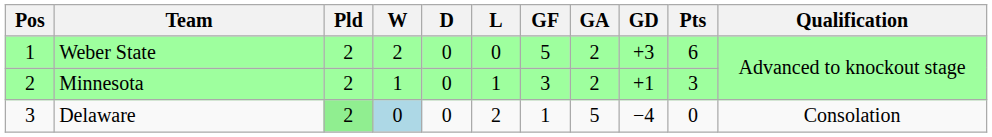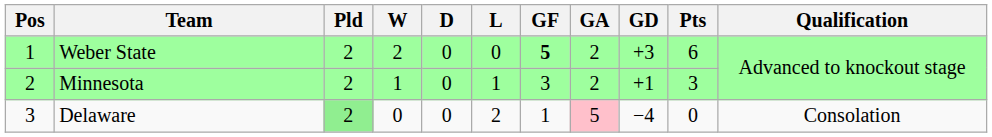 <table class="wikitable" style="text-align:center; margin: 1em auto">
 <tr>
 <th style="width:2em">Pos</th>
 <th style="width:13em">Team</th>
 <th style="width:2em">Pld</th>
 <th style="width:2em">W</th>
 <th style="width:2em">D</th>
 <th style="width:2em">L</th>
 <th style="width:2em">GF</th>
 <th style="width:2em">GA</th>
 <th style="width:2em">GD</th>
 <th style="width:2em">Pts</th>
 <th style="width:13em">Qualification</th>
 </tr>
 <tr bgcolor="#9eff9e">
 <td>1</td>
 <td style="text-align:left">Weber State</td>
 <td>2</td>
 <td>2</td>
 <td>0</td>
 <td>0</td>
-<td>5</td>
+<td><strong>5</strong></td>
 <td>2</td>
 <td>+3</td>
 <td>6</td>
 <td rowspan="2">Advanced to knockout stage</td>
 </tr>
 <tr bgcolor="#9eff9e">
 <td>2</td>
 <td style="text-align:left">Minnesota</td>
 <td>2</td>
 <td>1</td>
 <td>0</td>
 <td>1</td>
 <td>3</td>
 <td>2</td>
 <td>+1</td>
 <td>3</td>
 </tr>
 <tr>
 <td>3</td>
 <td style="text-align:left">Delaware</td>
 <td style="background: lightgreen;">2</td>
-<td style="background: lightblue;">0</td>
+<td>0</td>
 <td>0</td>
 <td>2</td>
 <td>1</td>
-<td>5</td>
+<td style="background: pink;">5</td>
 <td>−4</td>
 <td>0</td>
 <td>Consolation</td>
 </tr>
 </table>
